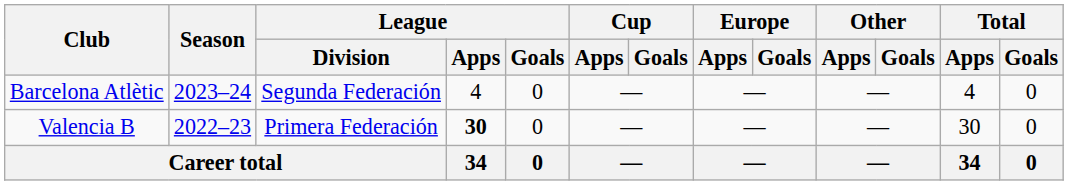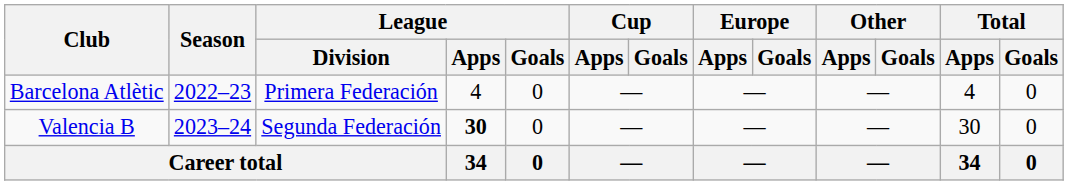 <table class="wikitable" style="text-align: center">
 <tr>
 <th rowspan="2">Club</th>
 <th rowspan="2">Season</th>
 <th colspan="3">League</th>
 <th colspan="2">Cup</th>
 <th colspan="2">Europe</th>
 <th colspan="2">Other</th>
 <th colspan="2">Total</th>
 </tr>
 <tr>
 <th>Division</th>
 <th>Apps</th>
 <th>Goals</th>
 <th>Apps</th>
 <th>Goals</th>
 <th>Apps</th>
 <th>Goals</th>
 <th>Apps</th>
 <th>Goals</th>
 <th>Apps</th>
 <th>Goals</th>
 </tr>
 <tr>
 <td><a href='#'>Barcelona Atlètic</a></td>
-<td><a href='#'>2023–24</a></td>
-<td><a href='#'>Segunda Federación</a></td>
+<td><a href='#'>2022–23</a></td>
+<td><a href='#'>Primera Federación</a></td>
 <td>4</td>
 <td>0</td>
 <td colspan="2">—</td>
 <td colspan="2">—</td>
 <td colspan="2">—</td>
 <td>4</td>
 <td>0</td>
 </tr>
 <tr>
 <td><a href='#'>Valencia B</a></td>
-<td><a href='#'>2022–23</a></td>
-<td><a href='#'>Primera Federación</a></td>
+<td><a href='#'>2023–24</a></td>
+<td><a href='#'>Segunda Federación</a></td>
 <td><strong>30</strong></td>
 <td>0</td>
 <td colspan="2">—</td>
 <td colspan="2">—</td>
 <td colspan="2">—</td>
 <td>30</td>
 <td>0</td>
 </tr>
 <tr>
 <th colspan="3">Career total</th>
 <th>34</th>
 <th>0</th>
 <th colspan="2">—</th>
 <th colspan="2">—</th>
 <th colspan="2">—</th>
 <th>34</th>
 <th>0</th>
 </tr>
 </table>
